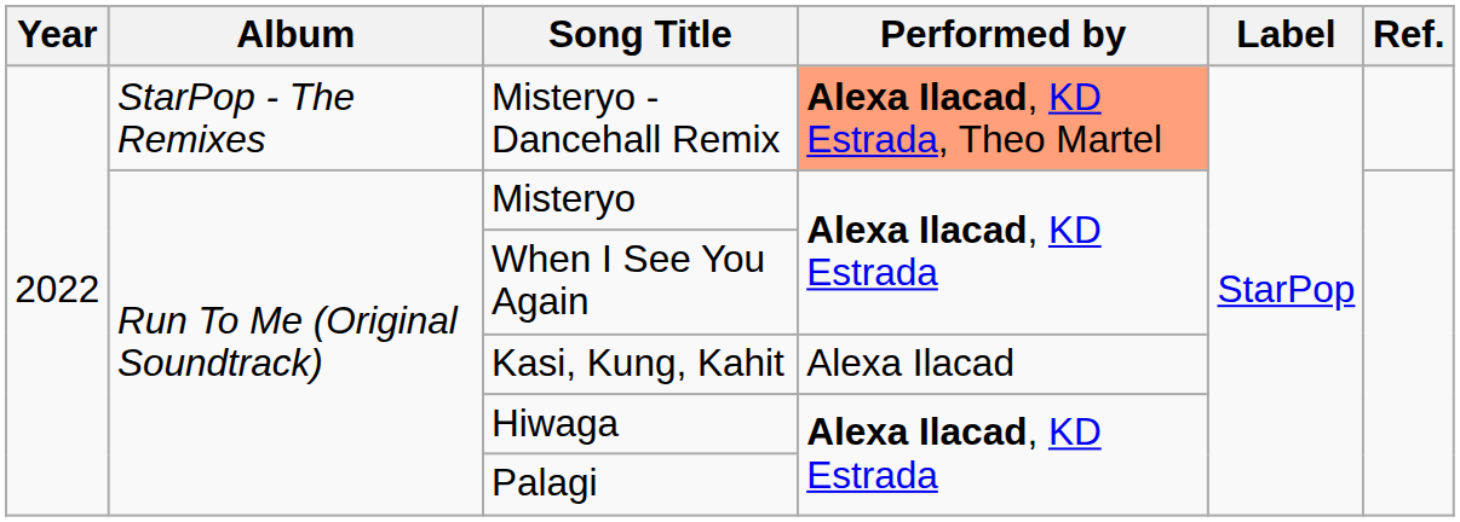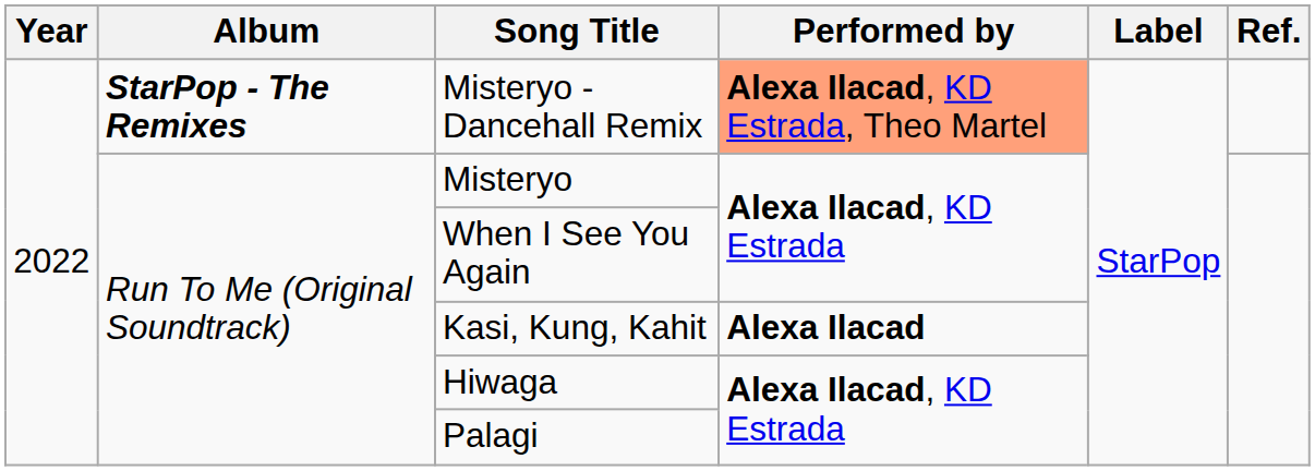 <table class="wikitable">
 <tr>
 <th>Year</th>
 <th>Album</th>
 <th>Song Title</th>
 <th>Performed by</th>
 <th>Label</th>
 <th>Ref.</th>
 </tr>
 <tr>
 <td rowspan="6">2022</td>
-<td><em>StarPop - The Remixes</em></td>
+<td><strong><em>StarPop - The Remixes</em></strong></td>
 <td>Misteryo - Dancehall Remix</td>
 <td style="background: lightsalmon;"><strong>Alexa Ilacad</strong>, <a href='#'>KD Estrada</a>, Theo Martel</td>
 <td rowspan="6"><a href='#'>StarPop</a></td>
 <td></td>
 </tr>
 <tr>
 <td rowspan="5"><em>Run To Me (Original Soundtrack)</em></td>
 <td>Misteryo</td>
 <td rowspan="2"><strong>Alexa Ilacad</strong>, <a href='#'>KD Estrada</a></td>
 <td rowspan="5"></td>
 </tr>
 <tr>
 <td>When I See You Again</td>
 </tr>
 <tr>
 <td>Kasi, Kung, Kahit</td>
-<td>Alexa Ilacad</td>
+<td><strong>Alexa Ilacad</strong></td>
 </tr>
 <tr>
 <td>Hiwaga</td>
 <td rowspan="2"><strong>Alexa Ilacad</strong>, <a href='#'>KD Estrada</a></td>
 </tr>
 <tr>
 <td>Palagi</td>
 </tr>
 </table>
